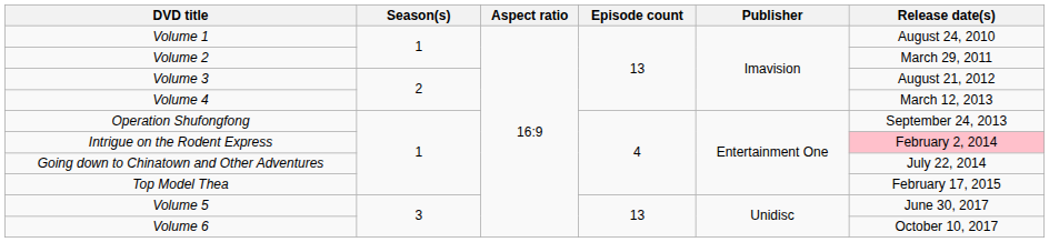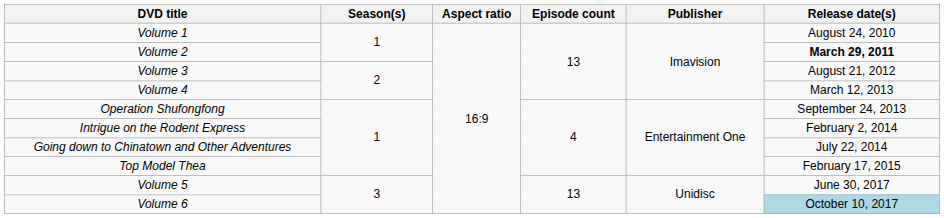 <table class="wikitable sortable" style="text-align:center">
 <tr>
 <th style="width:18%;">DVD title</th>
 <th style="width:6%;">Season(s)</th>
 <th style="width:5%;">Aspect ratio</th>
 <th style="width:6%;">Episode count</th>
 <th style="width:7%;">Publisher</th>
 <th style="width:10%;">Release date(s)</th>
 </tr>
 <tr>
 <td><em>Volume 1</em></td>
 <td rowspan="2">1</td>
 <td rowspan="10">16:9</td>
 <td rowspan="4">13</td>
 <td rowspan="4">Imavision</td>
 <td>August 24, 2010</td>
 </tr>
 <tr>
 <td><em>Volume 2</em></td>
-<td>March 29, 2011</td>
+<td><strong>March 29, 2011</strong></td>
 </tr>
 <tr>
 <td><em>Volume 3</em></td>
 <td rowspan="2">2</td>
 <td>August 21, 2012</td>
 </tr>
 <tr>
 <td><em>Volume 4</em></td>
 <td>March 12, 2013</td>
 </tr>
 <tr>
 <td><em>Operation Shufongfong</em></td>
 <td rowspan="4">1</td>
 <td rowspan="4">4</td>
 <td rowspan="4">Entertainment One</td>
 <td>September 24, 2013</td>
 </tr>
 <tr>
 <td><em>Intrigue on the Rodent Express</em></td>
-<td style="background: pink;">February 2, 2014</td>
+<td>February 2, 2014</td>
 </tr>
 <tr>
 <td><em>Going down to Chinatown and Other Adventures</em></td>
 <td>July 22, 2014</td>
 </tr>
 <tr>
 <td><em>Top Model Thea</em></td>
 <td>February 17, 2015</td>
 </tr>
 <tr>
 <td><em>Volume 5</em></td>
 <td rowspan="2">3</td>
 <td rowspan="2">13</td>
 <td rowspan="2">Unidisc</td>
 <td>June 30, 2017</td>
 </tr>
 <tr>
 <td><em>Volume 6</em></td>
-<td>October 10, 2017</td>
+<td style="background: lightblue;">October 10, 2017</td>
 </tr>
 </table>
